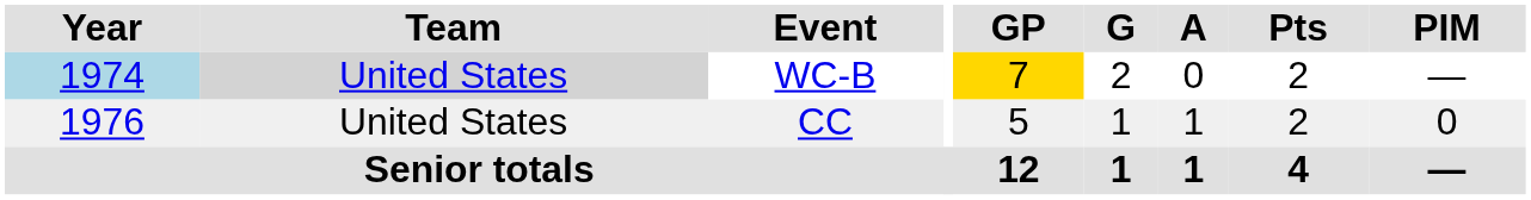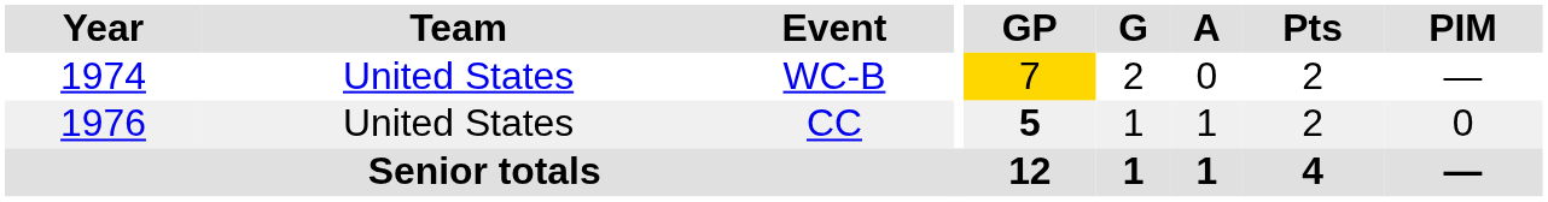 <table border="0" cellpadding="1" cellspacing="0" ID="Table3" style="text-align:center; width:40em">
 <tr bgcolor="#e0e0e0">
 <th>Year</th>
 <th>Team</th>
 <th>Event</th>
 <th rowspan="102" bgcolor="#ffffff"></th>
 <th>GP</th>
 <th>G</th>
 <th>A</th>
 <th>Pts</th>
 <th>PIM</th>
 </tr>
 <tr>
-<td style="background: lightblue;"><a href='#'>1974</a></td>
-<td style="background: lightgrey;"><a href='#'>United States</a></td>
+<td><a href='#'>1974</a></td>
+<td><a href='#'>United States</a></td>
 <td><a href='#'>WC-B</a></td>
 <td style="background: gold;">7</td>
 <td>2</td>
 <td>0</td>
 <td>2</td>
 <td>—</td>
 </tr>
 <tr bgcolor="#f0f0f0">
 <td><a href='#'>1976</a></td>
 <td>United States</td>
 <td><a href='#'>CC</a></td>
-<td>5</td>
+<td><strong>5</strong></td>
 <td>1</td>
 <td>1</td>
 <td>2</td>
 <td>0</td>
 </tr>
 <tr bgcolor="#e0e0e0">
 <th colspan="4">Senior totals</th>
 <th>12</th>
 <th>1</th>
 <th>1</th>
 <th>4</th>
 <th>—</th>
 </tr>
 </table>
